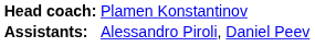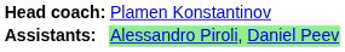 <table>
 <tr>
 <td><strong>Head coach:</strong></td>
 <td><a href='#'>Plamen Konstantinov</a></td>
 </tr>
 <tr>
 <td><strong>Assistants:</strong></td>
-<td><a href='#'>Alessandro Piroli</a>, <a href='#'>Daniel Peev</a></td>
+<td style="background: lightgreen;"><a href='#'>Alessandro Piroli</a>, <a href='#'>Daniel Peev</a></td>
 </tr>
 </table>
